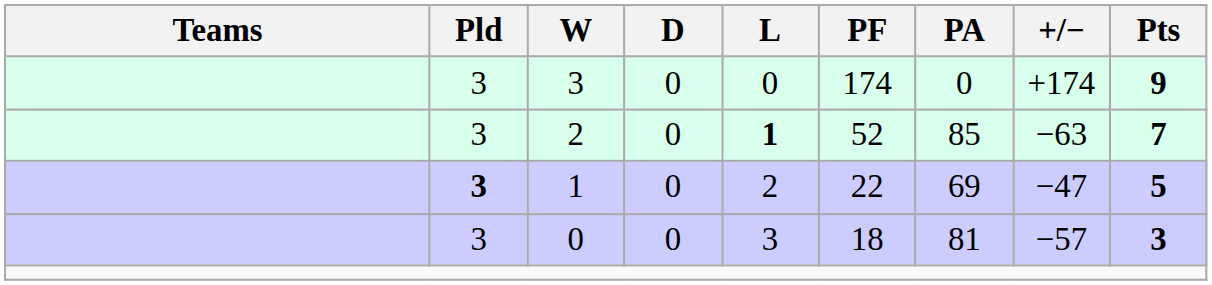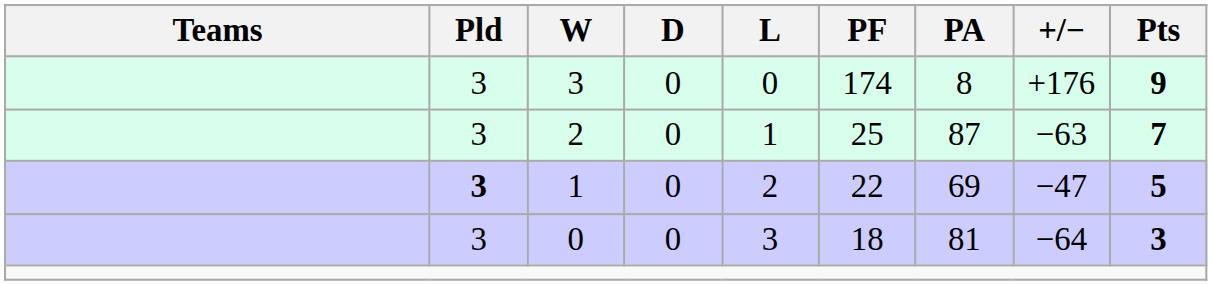 <table class="wikitable" style="text-align: center;">
 <tr>
 <th width="200">Teams</th>
 <th width="40">Pld</th>
 <th width="40">W</th>
 <th width="40">D</th>
 <th width="40">L</th>
 <th width="40">PF</th>
 <th width="40">PA</th>
 <th width="40">+/−</th>
 <th width="40">Pts</th>
 </tr>
 <tr bgcolor=#d8ffeb>
 <td align=left></td>
 <td>3</td>
 <td>3</td>
 <td>0</td>
 <td>0</td>
 <td>174</td>
-<td>0</td>
-<td>+174</td>
+<td>8</td>
+<td>+176</td>
 <td><strong>9</strong></td>
 </tr>
 <tr bgcolor=#d8ffeb>
 <td align=left></td>
 <td>3</td>
 <td>2</td>
 <td>0</td>
-<td><strong>1</strong></td>
-<td>52</td>
-<td>85</td>
+<td>1</td>
+<td>25</td>
+<td>87</td>
 <td>−63</td>
 <td><strong>7</strong></td>
 </tr>
 <tr bgcolor=#ccccff>
 <td align=left></td>
 <td><strong>3</strong></td>
 <td>1</td>
 <td>0</td>
 <td>2</td>
 <td>22</td>
 <td>69</td>
 <td>−47</td>
 <td><strong>5</strong></td>
 </tr>
 <tr bgcolor=#ccccff>
 <td align=left></td>
 <td>3</td>
 <td>0</td>
 <td>0</td>
 <td>3</td>
 <td>18</td>
 <td>81</td>
-<td>−57</td>
+<td>−64</td>
 <td><strong>3</strong></td>
 </tr>
 <tr bgcolor="#f9f9f9" align=center>
 <td colspan="15" style="border:0px"></td>
 </tr>
 </table>
